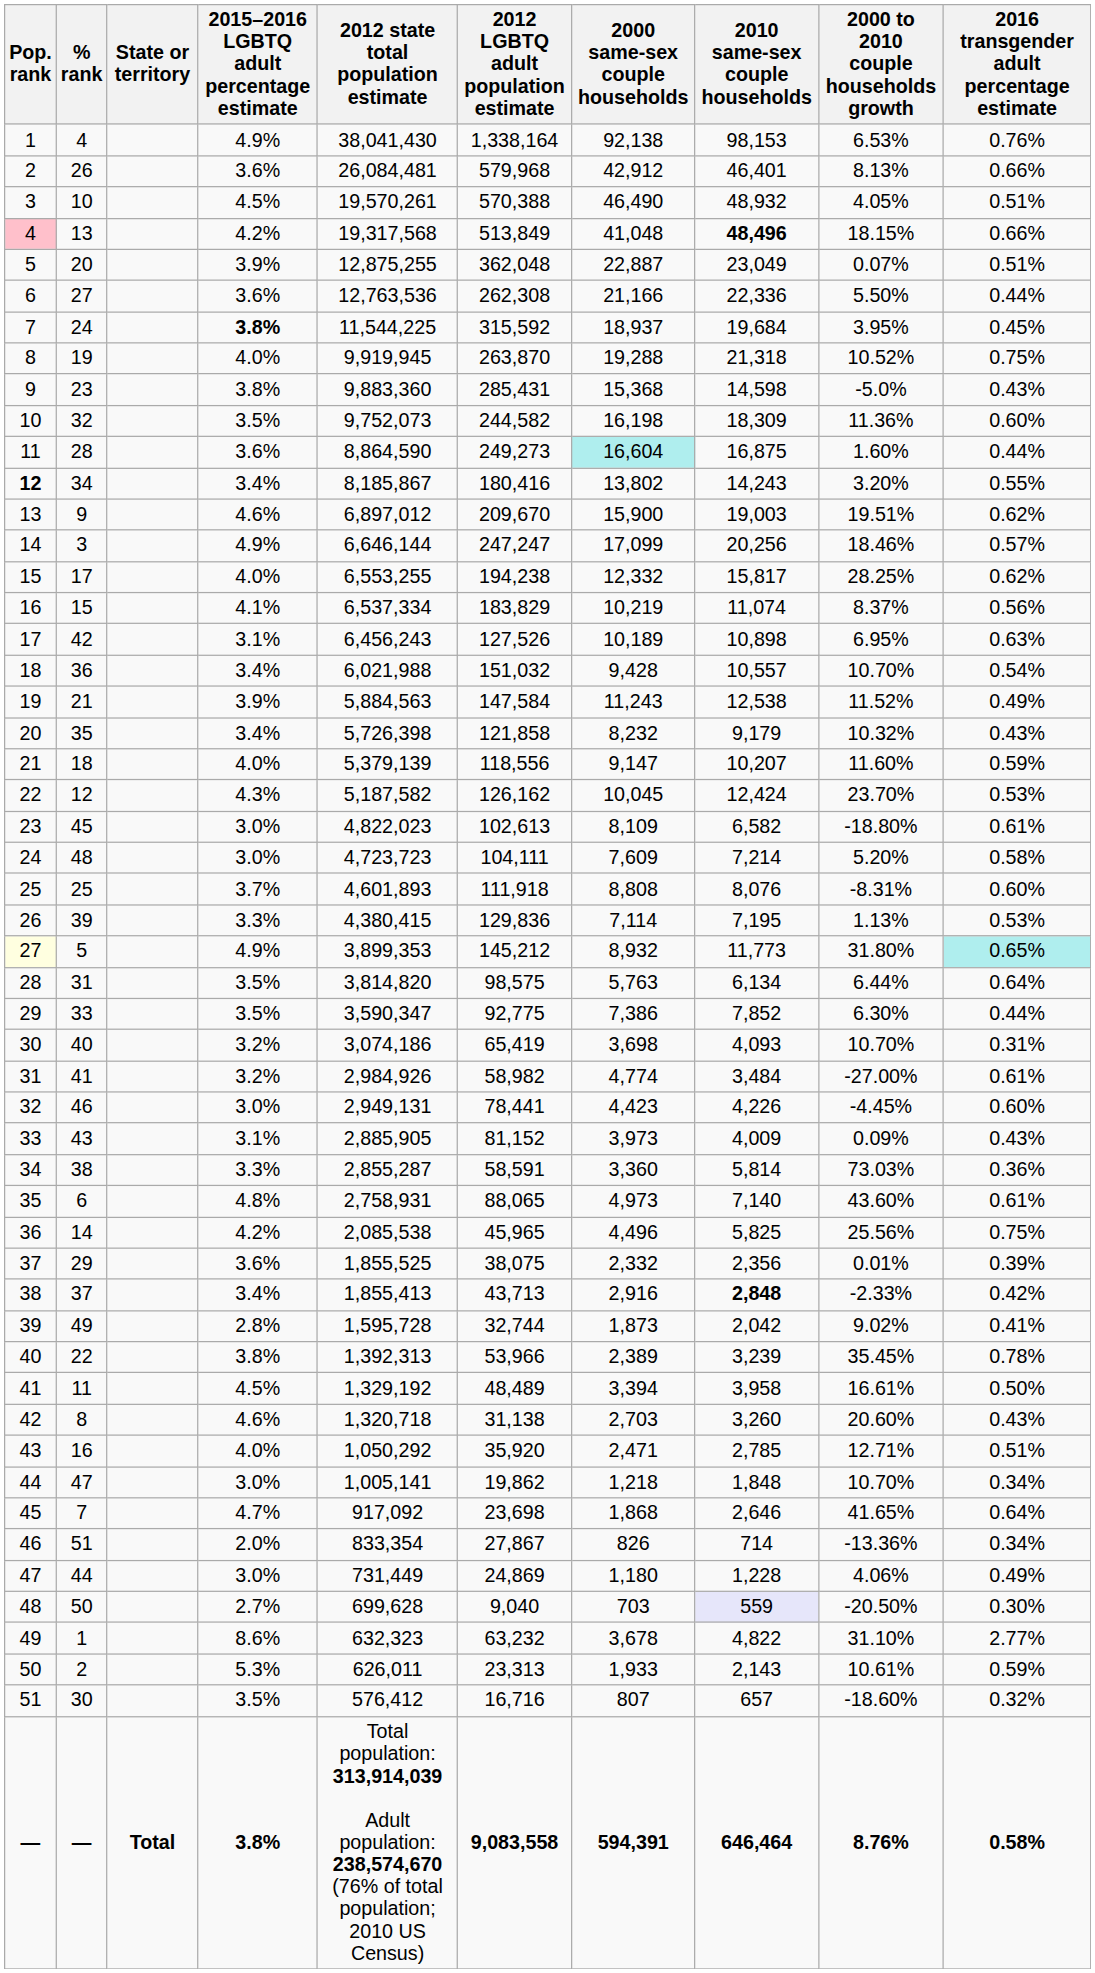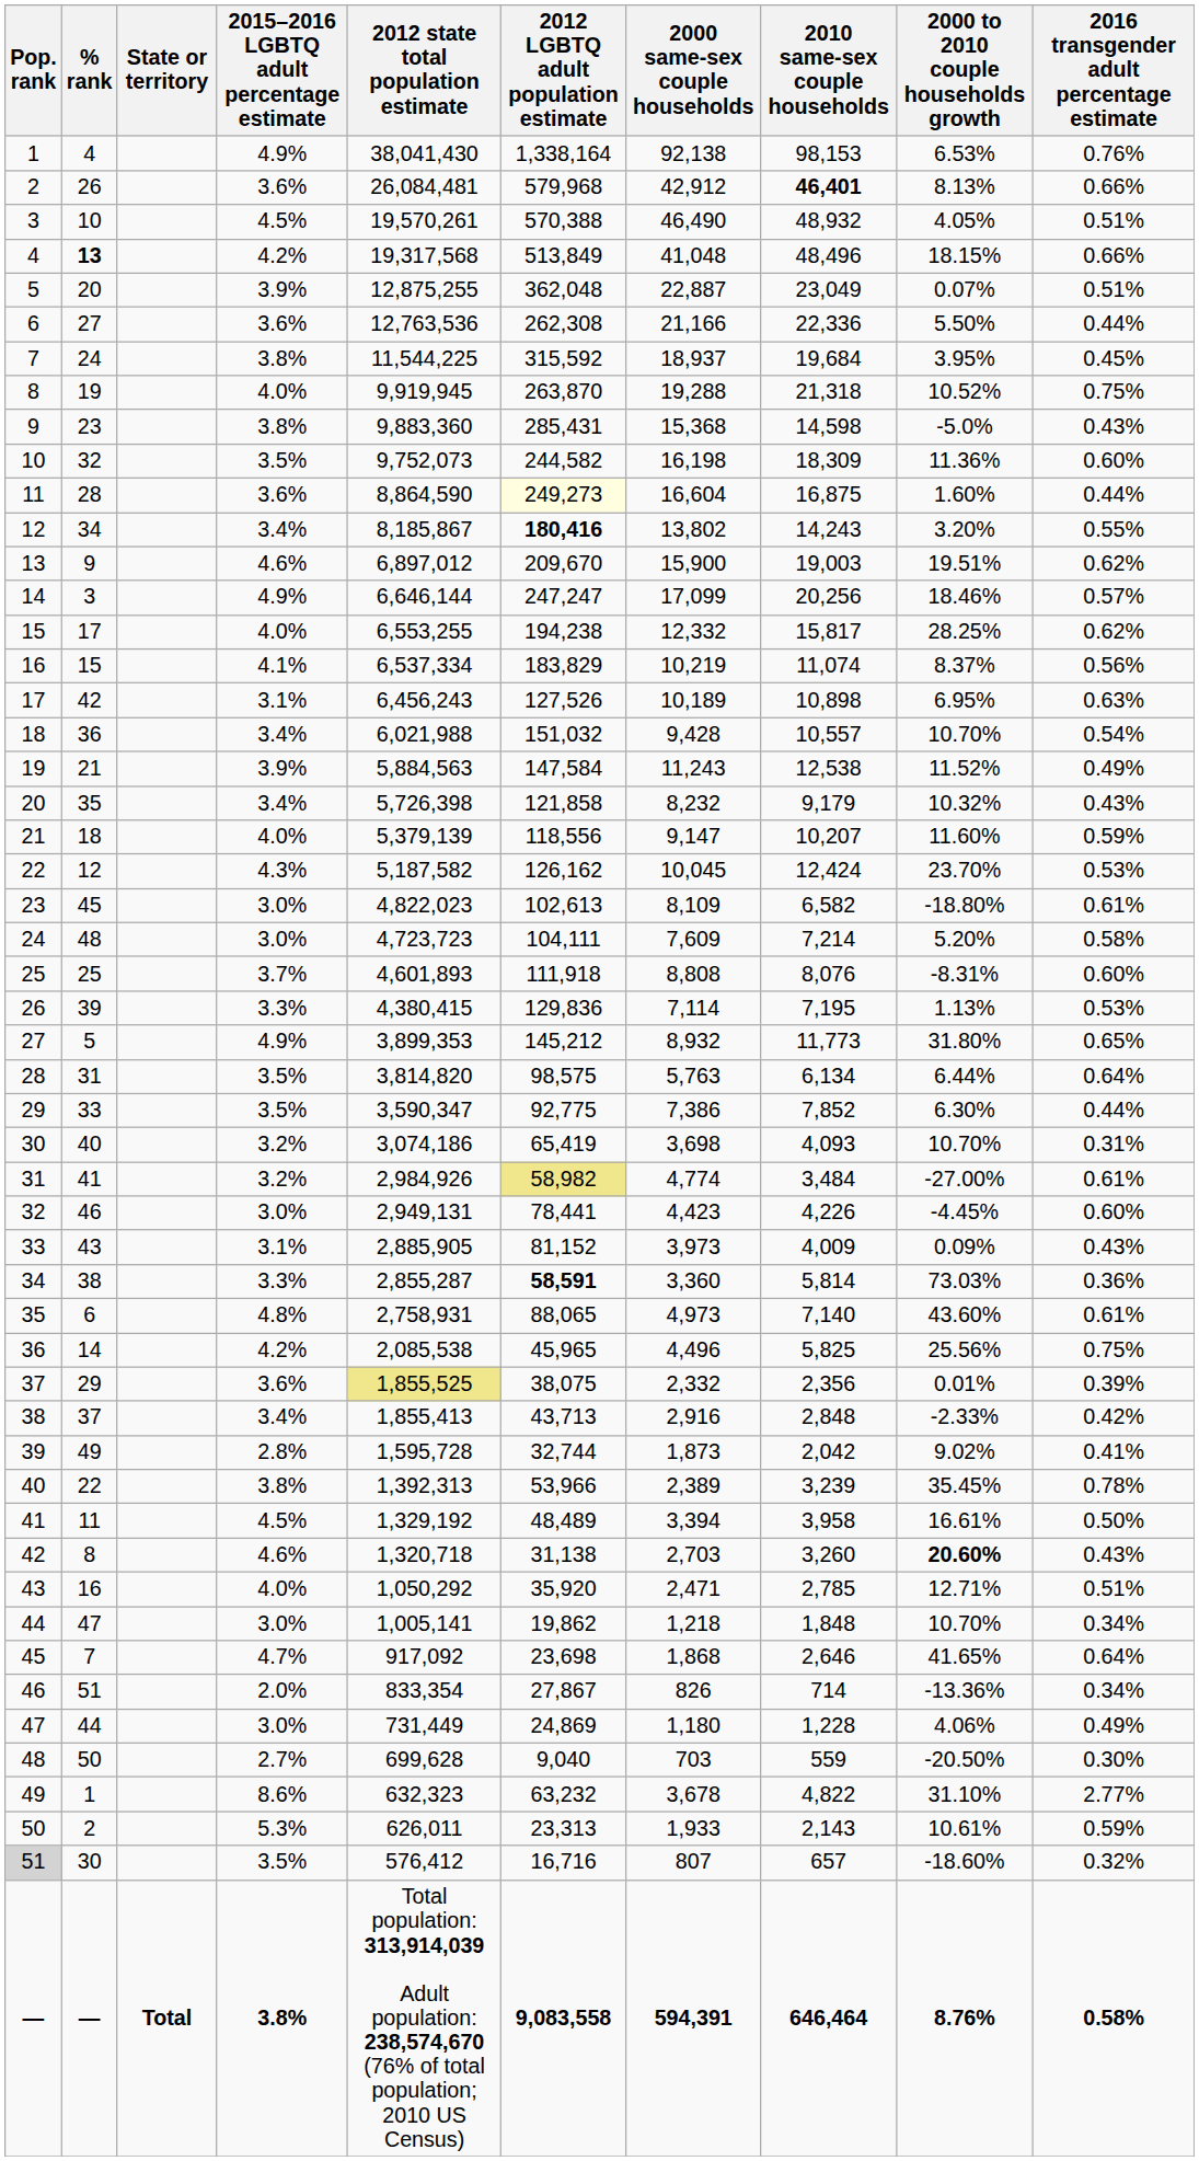 <table class="wikitable sortable" style="text-align:center; width:100%;">
 <tr>
 <th>Pop.<br>rank</th>
 <th>%<br>rank</th>
 <th>State or territory</th>
 <th>2015–2016 LGBTQ<br>adult percentage<br>estimate</th>
 <th>2012 state<br>total population<br>estimate</th>
 <th>2012 LGBTQ<br>adult population<br>estimate</th>
 <th>2000<br>same-sex couple<br>households</th>
 <th>2010<br>same-sex couple<br>households</th>
 <th>2000 to 2010<br>couple households<br>growth</th>
 <th>2016 transgender adult percentage estimate</th>
 </tr>
 <tr>
 <td>1</td>
 <td>4</td>
 <td align=left></td>
 <td>4.9%</td>
 <td>38,041,430</td>
 <td>1,338,164</td>
 <td>92,138</td>
 <td>98,153</td>
 <td>6.53%</td>
 <td>0.76%</td>
 </tr>
 <tr>
 <td>2</td>
 <td>26</td>
 <td align=left></td>
 <td>3.6%</td>
 <td>26,084,481</td>
 <td>579,968</td>
 <td>42,912</td>
-<td>46,401</td>
+<td><strong>46,401</strong></td>
 <td>8.13%</td>
 <td>0.66%</td>
 </tr>
 <tr>
 <td>3</td>
 <td>10</td>
 <td align=left></td>
 <td>4.5%</td>
 <td>19,570,261</td>
 <td>570,388</td>
 <td>46,490</td>
 <td>48,932</td>
 <td>4.05%</td>
 <td>0.51%</td>
 </tr>
 <tr>
-<td style="background: pink;">4</td>
-<td>13</td>
+<td>4</td>
+<td><strong>13</strong></td>
 <td align=left></td>
 <td>4.2%</td>
 <td>19,317,568</td>
 <td>513,849</td>
 <td>41,048</td>
-<td><strong>48,496</strong></td>
+<td>48,496</td>
 <td>18.15%</td>
 <td>0.66%</td>
 </tr>
 <tr>
 <td>5</td>
 <td>20</td>
 <td align=left></td>
 <td>3.9%</td>
 <td>12,875,255</td>
 <td>362,048</td>
 <td>22,887</td>
 <td>23,049</td>
 <td>0.07%</td>
 <td>0.51%</td>
 </tr>
 <tr>
 <td>6</td>
 <td>27</td>
 <td align=left></td>
 <td>3.6%</td>
 <td>12,763,536</td>
 <td>262,308</td>
 <td>21,166</td>
 <td>22,336</td>
 <td>5.50%</td>
 <td>0.44%</td>
 </tr>
 <tr>
 <td>7</td>
 <td>24</td>
 <td align=left></td>
-<td><strong>3.8%</strong></td>
+<td>3.8%</td>
 <td>11,544,225</td>
 <td>315,592</td>
 <td>18,937</td>
 <td>19,684</td>
 <td>3.95%</td>
 <td>0.45%</td>
 </tr>
 <tr>
 <td>8</td>
 <td>19</td>
 <td align=left></td>
 <td>4.0%</td>
 <td>9,919,945</td>
 <td>263,870</td>
 <td>19,288</td>
 <td>21,318</td>
 <td>10.52%</td>
 <td>0.75%</td>
 </tr>
 <tr>
 <td>9</td>
 <td>23</td>
 <td align=left></td>
 <td>3.8%</td>
 <td>9,883,360</td>
 <td>285,431</td>
 <td>15,368</td>
 <td>14,598</td>
 <td>-5.0%</td>
 <td>0.43%</td>
 </tr>
 <tr>
 <td>10</td>
 <td>32</td>
 <td align=left></td>
 <td>3.5%</td>
 <td>9,752,073</td>
 <td>244,582</td>
 <td>16,198</td>
 <td>18,309</td>
 <td>11.36%</td>
 <td>0.60%</td>
 </tr>
 <tr>
 <td>11</td>
 <td>28</td>
 <td align=left></td>
 <td>3.6%</td>
 <td>8,864,590</td>
-<td>249,273</td>
-<td style="background: paleturquoise;">16,604</td>
+<td style="background: lightyellow;">249,273</td>
+<td>16,604</td>
 <td>16,875</td>
 <td>1.60%</td>
 <td>0.44%</td>
 </tr>
 <tr>
-<td><strong>12</strong></td>
+<td>12</td>
 <td>34</td>
 <td align=left></td>
 <td>3.4%</td>
 <td>8,185,867</td>
-<td>180,416</td>
+<td><strong>180,416</strong></td>
 <td>13,802</td>
 <td>14,243</td>
 <td>3.20%</td>
 <td>0.55%</td>
 </tr>
 <tr>
 <td>13</td>
 <td>9</td>
 <td align=left></td>
 <td>4.6%</td>
 <td>6,897,012</td>
 <td>209,670</td>
 <td>15,900</td>
 <td>19,003</td>
 <td>19.51%</td>
 <td>0.62%</td>
 </tr>
 <tr>
 <td>14</td>
 <td>3</td>
 <td align=left></td>
 <td>4.9%</td>
 <td>6,646,144</td>
 <td>247,247</td>
 <td>17,099</td>
 <td>20,256</td>
 <td>18.46%</td>
 <td>0.57%</td>
 </tr>
 <tr>
 <td>15</td>
 <td>17</td>
 <td align=left></td>
 <td>4.0%</td>
 <td>6,553,255</td>
 <td>194,238</td>
 <td>12,332</td>
 <td>15,817</td>
 <td>28.25%</td>
 <td>0.62%</td>
 </tr>
 <tr>
 <td>16</td>
 <td>15</td>
 <td align=left></td>
 <td>4.1%</td>
 <td>6,537,334</td>
 <td>183,829</td>
 <td>10,219</td>
 <td>11,074</td>
 <td>8.37%</td>
 <td>0.56%</td>
 </tr>
 <tr>
 <td>17</td>
 <td>42</td>
 <td align=left></td>
 <td>3.1%</td>
 <td>6,456,243</td>
 <td>127,526</td>
 <td>10,189</td>
 <td>10,898</td>
 <td>6.95%</td>
 <td>0.63%</td>
 </tr>
 <tr>
 <td>18</td>
 <td>36</td>
 <td align=left></td>
 <td>3.4%</td>
 <td>6,021,988</td>
 <td>151,032</td>
 <td>9,428</td>
 <td>10,557</td>
 <td>10.70%</td>
 <td>0.54%</td>
 </tr>
 <tr>
 <td>19</td>
 <td>21</td>
 <td align=left></td>
 <td>3.9%</td>
 <td>5,884,563</td>
 <td>147,584</td>
 <td>11,243</td>
 <td>12,538</td>
 <td>11.52%</td>
 <td>0.49%</td>
 </tr>
 <tr>
 <td>20</td>
 <td>35</td>
 <td align=left></td>
 <td>3.4%</td>
 <td>5,726,398</td>
 <td>121,858</td>
 <td>8,232</td>
 <td>9,179</td>
 <td>10.32%</td>
 <td>0.43%</td>
 </tr>
 <tr>
 <td>21</td>
 <td>18</td>
 <td align=left></td>
 <td>4.0%</td>
 <td>5,379,139</td>
 <td>118,556</td>
 <td>9,147</td>
 <td>10,207</td>
 <td>11.60%</td>
 <td>0.59%</td>
 </tr>
 <tr>
 <td>22</td>
 <td>12</td>
 <td align=left></td>
 <td>4.3%</td>
 <td>5,187,582</td>
 <td>126,162</td>
 <td>10,045</td>
 <td>12,424</td>
 <td>23.70%</td>
 <td>0.53%</td>
 </tr>
 <tr>
 <td>23</td>
 <td>45</td>
 <td align=left></td>
 <td>3.0%</td>
 <td>4,822,023</td>
 <td>102,613</td>
 <td>8,109</td>
 <td>6,582</td>
 <td>-18.80%</td>
 <td>0.61%</td>
 </tr>
 <tr>
 <td>24</td>
 <td>48</td>
 <td align=left></td>
 <td>3.0%</td>
 <td>4,723,723</td>
 <td>104,111</td>
 <td>7,609</td>
 <td>7,214</td>
 <td>5.20%</td>
 <td>0.58%</td>
 </tr>
 <tr>
 <td>25</td>
 <td>25</td>
 <td align=left></td>
 <td>3.7%</td>
 <td>4,601,893</td>
 <td>111,918</td>
 <td>8,808</td>
 <td>8,076</td>
 <td>-8.31%</td>
 <td>0.60%</td>
 </tr>
 <tr>
 <td>26</td>
 <td>39</td>
 <td align=left></td>
 <td>3.3%</td>
 <td>4,380,415</td>
 <td>129,836</td>
 <td>7,114</td>
 <td>7,195</td>
 <td>1.13%</td>
 <td>0.53%</td>
 </tr>
 <tr>
-<td style="background: lightyellow;">27</td>
+<td>27</td>
 <td>5</td>
 <td align=left></td>
 <td>4.9%</td>
 <td>3,899,353</td>
 <td>145,212</td>
 <td>8,932</td>
 <td>11,773</td>
 <td>31.80%</td>
-<td style="background: paleturquoise;">0.65%</td>
+<td>0.65%</td>
 </tr>
 <tr>
 <td>28</td>
 <td>31</td>
 <td align=left></td>
 <td>3.5%</td>
 <td>3,814,820</td>
 <td>98,575</td>
 <td>5,763</td>
 <td>6,134</td>
 <td>6.44%</td>
 <td>0.64%</td>
 </tr>
 <tr>
 <td>29</td>
 <td>33</td>
 <td align=left></td>
 <td>3.5%</td>
 <td>3,590,347</td>
 <td>92,775</td>
 <td>7,386</td>
 <td>7,852</td>
 <td>6.30%</td>
 <td>0.44%</td>
 </tr>
 <tr>
 <td>30</td>
 <td>40</td>
 <td align=left></td>
 <td>3.2%</td>
 <td>3,074,186</td>
 <td>65,419</td>
 <td>3,698</td>
 <td>4,093</td>
 <td>10.70%</td>
 <td>0.31%</td>
 </tr>
 <tr>
 <td>31</td>
 <td>41</td>
 <td align=left></td>
 <td>3.2%</td>
 <td>2,984,926</td>
-<td>58,982</td>
+<td style="background: khaki;">58,982</td>
 <td>4,774</td>
 <td>3,484</td>
 <td>-27.00%</td>
 <td>0.61%</td>
 </tr>
 <tr>
 <td>32</td>
 <td>46</td>
 <td align=left></td>
 <td>3.0%</td>
 <td>2,949,131</td>
 <td>78,441</td>
 <td>4,423</td>
 <td>4,226</td>
 <td>-4.45%</td>
 <td>0.60%</td>
 </tr>
 <tr>
 <td>33</td>
 <td>43</td>
 <td align=left></td>
 <td>3.1%</td>
 <td>2,885,905</td>
 <td>81,152</td>
 <td>3,973</td>
 <td>4,009</td>
 <td>0.09%</td>
 <td>0.43%</td>
 </tr>
 <tr>
 <td>34</td>
 <td>38</td>
 <td align=left></td>
 <td>3.3%</td>
 <td>2,855,287</td>
-<td>58,591</td>
+<td><strong>58,591</strong></td>
 <td>3,360</td>
 <td>5,814</td>
 <td>73.03%</td>
 <td>0.36%</td>
 </tr>
 <tr>
 <td>35</td>
 <td>6</td>
 <td align=left></td>
 <td>4.8%</td>
 <td>2,758,931</td>
 <td>88,065</td>
 <td>4,973</td>
 <td>7,140</td>
 <td>43.60%</td>
 <td>0.61%</td>
 </tr>
 <tr>
 <td>36</td>
 <td>14</td>
 <td align=left></td>
 <td>4.2%</td>
 <td>2,085,538</td>
 <td>45,965</td>
 <td>4,496</td>
 <td>5,825</td>
 <td>25.56%</td>
 <td>0.75%</td>
 </tr>
 <tr>
 <td>37</td>
 <td>29</td>
 <td align=left></td>
 <td>3.6%</td>
-<td>1,855,525</td>
+<td style="background: khaki;">1,855,525</td>
 <td>38,075</td>
 <td>2,332</td>
 <td>2,356</td>
 <td>0.01%</td>
 <td>0.39%</td>
 </tr>
 <tr>
 <td>38</td>
 <td>37</td>
 <td align=left></td>
 <td>3.4%</td>
 <td>1,855,413</td>
 <td>43,713</td>
 <td>2,916</td>
-<td><strong>2,848</strong></td>
+<td>2,848</td>
 <td>-2.33%</td>
 <td>0.42%</td>
 </tr>
 <tr>
 <td>39</td>
 <td>49</td>
 <td align=left></td>
 <td>2.8%</td>
 <td>1,595,728</td>
 <td>32,744</td>
 <td>1,873</td>
 <td>2,042</td>
 <td>9.02%</td>
 <td>0.41%</td>
 </tr>
 <tr>
 <td>40</td>
 <td>22</td>
 <td align=left></td>
 <td>3.8%</td>
 <td>1,392,313</td>
 <td>53,966</td>
 <td>2,389</td>
 <td>3,239</td>
 <td>35.45%</td>
 <td>0.78%</td>
 </tr>
 <tr>
 <td>41</td>
 <td>11</td>
 <td align=left></td>
 <td>4.5%</td>
 <td>1,329,192</td>
 <td>48,489</td>
 <td>3,394</td>
 <td>3,958</td>
 <td>16.61%</td>
 <td>0.50%</td>
 </tr>
 <tr>
 <td>42</td>
 <td>8</td>
 <td align=left></td>
 <td>4.6%</td>
 <td>1,320,718</td>
 <td>31,138</td>
 <td>2,703</td>
 <td>3,260</td>
-<td>20.60%</td>
+<td><strong>20.60%</strong></td>
 <td>0.43%</td>
 </tr>
 <tr>
 <td>43</td>
 <td>16</td>
 <td align=left></td>
 <td>4.0%</td>
 <td>1,050,292</td>
 <td>35,920</td>
 <td>2,471</td>
 <td>2,785</td>
 <td>12.71%</td>
 <td>0.51%</td>
 </tr>
 <tr>
 <td>44</td>
 <td>47</td>
 <td align=left></td>
 <td>3.0%</td>
 <td>1,005,141</td>
 <td>19,862</td>
 <td>1,218</td>
 <td>1,848</td>
 <td>10.70%</td>
 <td>0.34%</td>
 </tr>
 <tr>
 <td>45</td>
 <td>7</td>
 <td align=left></td>
 <td>4.7%</td>
 <td>917,092</td>
 <td>23,698</td>
 <td>1,868</td>
 <td>2,646</td>
 <td>41.65%</td>
 <td>0.64%</td>
 </tr>
 <tr>
 <td>46</td>
 <td>51</td>
 <td align=left></td>
 <td>2.0%</td>
 <td>833,354</td>
 <td>27,867</td>
 <td>826</td>
 <td>714</td>
 <td>-13.36%</td>
 <td>0.34%</td>
 </tr>
 <tr>
 <td>47</td>
 <td>44</td>
 <td align=left></td>
 <td>3.0%</td>
 <td>731,449</td>
 <td>24,869</td>
 <td>1,180</td>
 <td>1,228</td>
 <td>4.06%</td>
 <td>0.49%</td>
 </tr>
 <tr>
 <td>48</td>
 <td>50</td>
 <td align=left></td>
 <td>2.7%</td>
 <td>699,628</td>
 <td>9,040</td>
 <td>703</td>
-<td style="background: lavender;">559</td>
+<td>559</td>
 <td>-20.50%</td>
 <td>0.30%</td>
 </tr>
 <tr>
 <td>49</td>
 <td>1</td>
 <td align=left></td>
 <td>8.6%</td>
 <td>632,323</td>
 <td>63,232</td>
 <td>3,678</td>
 <td>4,822</td>
 <td>31.10%</td>
 <td>2.77%</td>
 </tr>
 <tr>
 <td>50</td>
 <td>2</td>
 <td align=left></td>
 <td>5.3%</td>
 <td>626,011</td>
 <td>23,313</td>
 <td>1,933</td>
 <td>2,143</td>
 <td>10.61%</td>
 <td>0.59%</td>
 </tr>
 <tr>
-<td>51</td>
+<td style="background: lightgrey;">51</td>
 <td>30</td>
 <td align=left></td>
 <td>3.5%</td>
 <td>576,412</td>
 <td>16,716</td>
 <td>807</td>
 <td>657</td>
 <td>-18.60%</td>
 <td>0.32%</td>
 </tr>
 <tr class="sortbottom">
 <td><strong>—</strong></td>
 <td><strong>—</strong></td>
 <td><strong>Total</strong></td>
 <td><strong>3.8%</strong></td>
 <td>Total population: <strong>313,914,039</strong><br><br>Adult population: <strong>238,574,670</strong><br>(76% of total population; 2010 US Census)</td>
 <td><strong>9,083,558</strong></td>
 <td><strong>594,391</strong></td>
 <td><strong>646,464</strong></td>
 <td><strong>8.76%</strong></td>
 <td><strong>0.58%</strong></td>
 </tr>
 </table>
